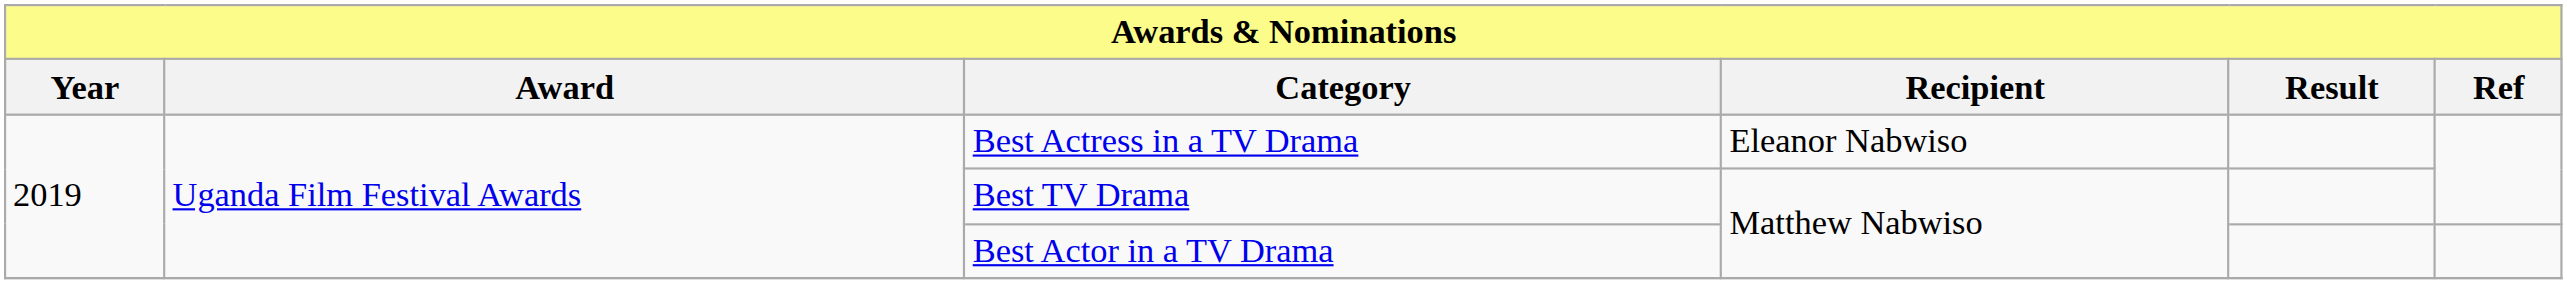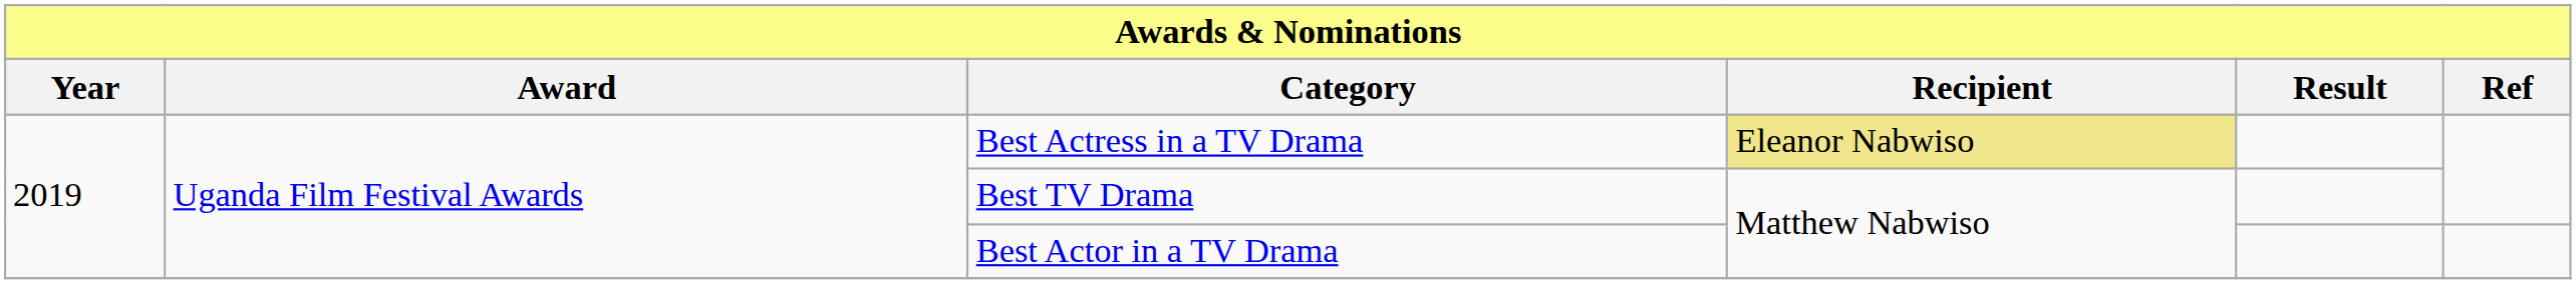 <table class="wikitable" width="60%">
 <tr>
 <th colspan="6" style="background: #FBFC8A;">Awards & Nominations</th>
 </tr>
 <tr style="background:#ccc; text-align:center;">
 <th>Year</th>
 <th>Award</th>
 <th>Category</th>
 <th>Recipient</th>
 <th>Result</th>
 <th>Ref</th>
 </tr>
 <tr>
 <td rowspan ="3">2019</td>
 <td rowspan ="3"><a href='#'>Uganda Film Festival Awards</a></td>
 <td><a href='#'>Best Actress in a TV Drama</a></td>
-<td>Eleanor Nabwiso</td>
+<td style="background: khaki;">Eleanor Nabwiso</td>
 <td></td>
 <td rowspan ="2"></td>
 </tr>
 <tr>
 <td><a href='#'>Best TV Drama</a></td>
 <td rowspan ="2">Matthew Nabwiso</td>
 <td></td>
 </tr>
 <tr>
 <td><a href='#'>Best Actor in a TV Drama</a></td>
 <td></td>
 <td></td>
 </tr>
 <tr>
 </tr>
 </table>
